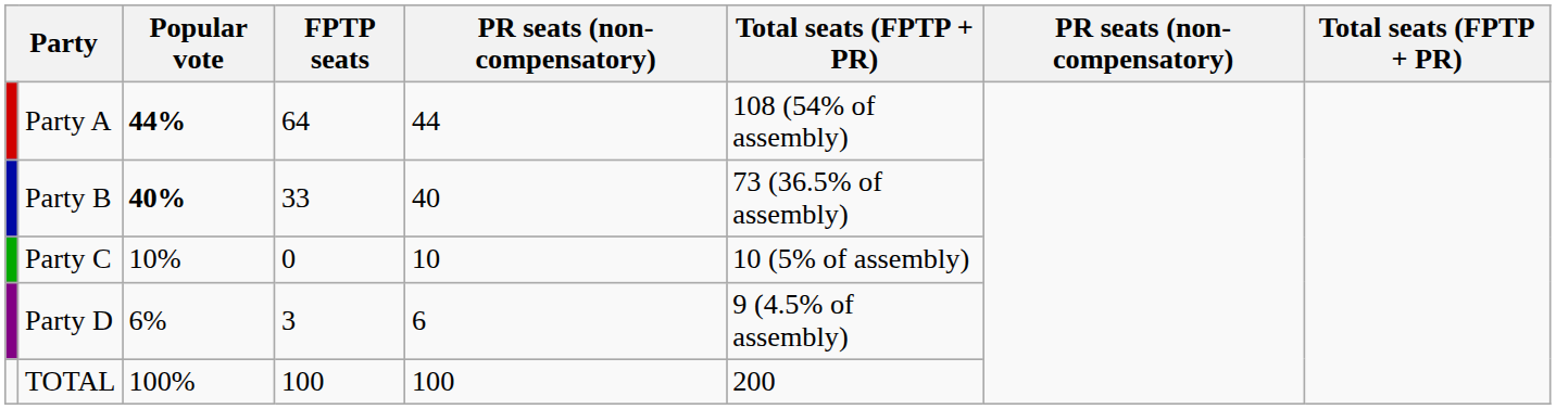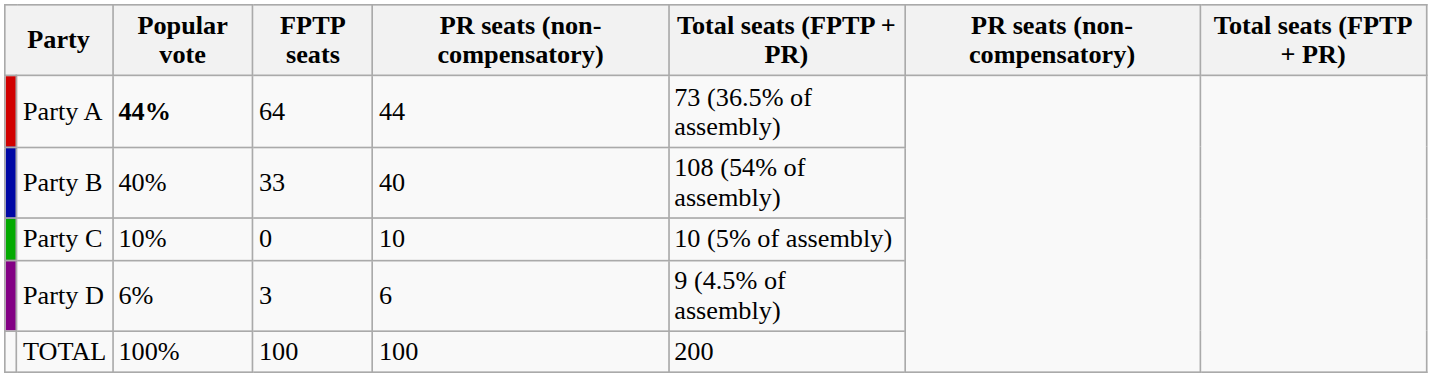 <table class="wikitable">
 <tr>
 <th colspan="2">Party</th>
 <th>Popular vote</th>
 <th>FPTP seats</th>
 <th>PR seats (non-compensatory)</th>
 <th>Total seats (FPTP + PR)</th>
 <th>PR seats (non-compensatory)</th>
 <th>Total seats (FPTP + PR)</th>
 </tr>
 <tr>
 <td style="background:#D10000"></td>
 <td>Party A</td>
 <td><strong>44%</strong></td>
 <td>64</td>
 <td>44</td>
-<td>108 (54% of assembly)</td>
+<td>73 (36.5% of assembly)</td>
 <td rowspan="5"></td>
 <td rowspan="5"></td>
 </tr>
 <tr>
 <td style="background:#0008A5"></td>
 <td>Party B</td>
-<td><strong>40%</strong></td>
+<td>40%</td>
 <td>33</td>
 <td>40</td>
-<td>73 (36.5% of assembly)</td>
+<td>108 (54% of assembly)</td>
 </tr>
 <tr>
 <td style="background:#03AA00"></td>
 <td>Party C</td>
 <td>10%</td>
 <td>0</td>
 <td>10</td>
 <td>10 (5% of assembly)</td>
 </tr>
 <tr>
 <td style="background:#820084"></td>
 <td>Party D</td>
 <td>6%</td>
 <td>3</td>
 <td>6</td>
 <td>9 (4.5% of assembly)</td>
 </tr>
 <tr>
 <td></td>
 <td>TOTAL</td>
 <td>100%</td>
 <td>100</td>
 <td>100</td>
 <td>200</td>
 </tr>
 </table>
